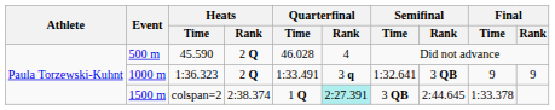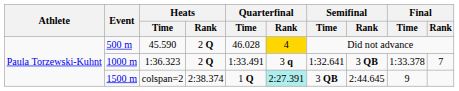 <table class="wikitable" style="font-size:90%">
 <tr>
 <th rowspan=2>Athlete</th>
 <th rowspan=2>Event</th>
 <th colspan=2>Heats</th>
 <th colspan=2>Quarterfinal</th>
 <th colspan=2>Semifinal</th>
 <th colspan=2>Final</th>
 </tr>
 <tr style="font-size:95%">
 <th>Time</th>
 <th>Rank</th>
 <th>Time</th>
 <th>Rank</th>
 <th>Time</th>
 <th>Rank</th>
 <th>Time</th>
 <th>Rank</th>
 </tr>
 <tr align=center>
 <td align=left rowspan=3><a href='#'>Paula Torzewski-Kuhnt</a></td>
 <td align=left><a href='#'>500 m</a></td>
 <td>45.590</td>
 <td>2 <strong>Q</strong></td>
 <td>46.028</td>
-<td>4</td>
+<td style="background: gold;">4</td>
 <td colspan=4>Did not advance</td>
 </tr>
 <tr align=center>
 <td align=left><a href='#'>1000 m</a></td>
 <td>1:36.323</td>
 <td>2 <strong>Q</strong></td>
 <td>1:33.491</td>
 <td>3 <strong>q</strong></td>
 <td>1:32.641</td>
 <td>3 <strong>QB</strong></td>
-<td>9</td>
-<td>9</td>
+<td>1:33.378</td>
+<td>7</td>
 </tr>
 <tr align=center>
 <td align=left><a href='#'>1500 m</a></td>
 <td>colspan=2</td>
 <td>2:38.374</td>
 <td>1 <strong>Q</strong></td>
 <td style="background: paleturquoise;">2:27.391</td>
 <td>3 <strong>QB</strong></td>
 <td>2:44.645</td>
-<td>1:33.378</td>
+<td>9</td>
 </tr>
 </table>
